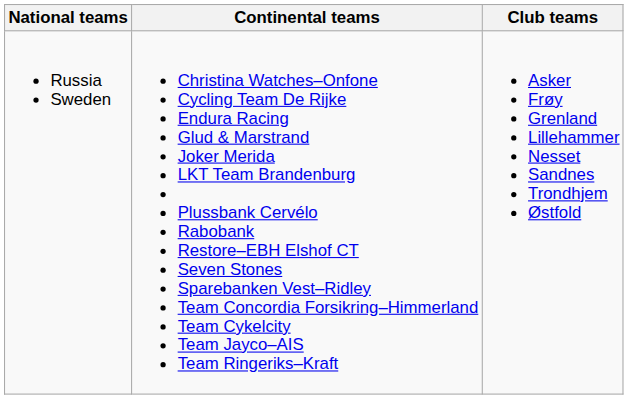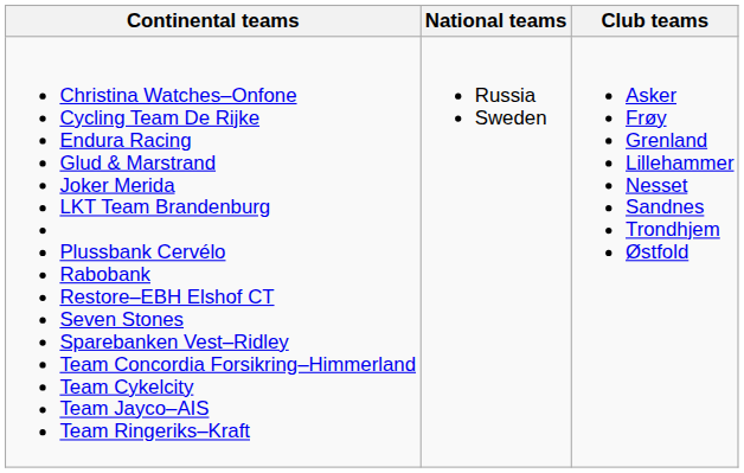 <table class="wikitable">
 <tr>
+<th>Continental teams</th>
 <th>National teams</th>
-<th>Continental teams</th>
 <th>Club teams</th>
 </tr>
 <tr>
+<td><br><ul><li><a href='#'>Christina Watches–Onfone</a></li><li><a href='#'>Cycling Team De Rijke</a></li><li><a href='#'>Endura Racing</a></li><li><a href='#'>Glud & Marstrand</a></li><li><a href='#'>Joker Merida</a></li><li><a href='#'>LKT Team Brandenburg</a></li><li></li><li><a href='#'>Plussbank Cervélo</a></li><li><a href='#'>Rabobank</a></li><li><a href='#'>Restore–EBH Elshof CT</a></li><li><a href='#'>Seven Stones</a></li><li><a href='#'>Sparebanken Vest–Ridley</a></li><li><a href='#'>Team Concordia Forsikring–Himmerland</a></li><li><a href='#'>Team Cykelcity</a></li><li><a href='#'>Team Jayco–AIS</a></li><li><a href='#'>Team Ringeriks–Kraft</a></li></ul></td>
 <td valign="top"><br><ul><li>Russia</li><li>Sweden</li></ul></td>
-<td><br><ul><li><a href='#'>Christina Watches–Onfone</a></li><li><a href='#'>Cycling Team De Rijke</a></li><li><a href='#'>Endura Racing</a></li><li><a href='#'>Glud & Marstrand</a></li><li><a href='#'>Joker Merida</a></li><li><a href='#'>LKT Team Brandenburg</a></li><li></li><li><a href='#'>Plussbank Cervélo</a></li><li><a href='#'>Rabobank</a></li><li><a href='#'>Restore–EBH Elshof CT</a></li><li><a href='#'>Seven Stones</a></li><li><a href='#'>Sparebanken Vest–Ridley</a></li><li><a href='#'>Team Concordia Forsikring–Himmerland</a></li><li><a href='#'>Team Cykelcity</a></li><li><a href='#'>Team Jayco–AIS</a></li><li><a href='#'>Team Ringeriks–Kraft</a></li></ul></td>
 <td valign="top"><br><ul><li><a href='#'>Asker</a></li><li><a href='#'>Frøy</a></li><li><a href='#'>Grenland</a></li><li><a href='#'>Lillehammer</a></li><li><a href='#'>Nesset</a></li><li><a href='#'>Sandnes</a></li><li><a href='#'>Trondhjem</a></li><li><a href='#'>Østfold</a></li></ul></td>
 </tr>
 </table>
